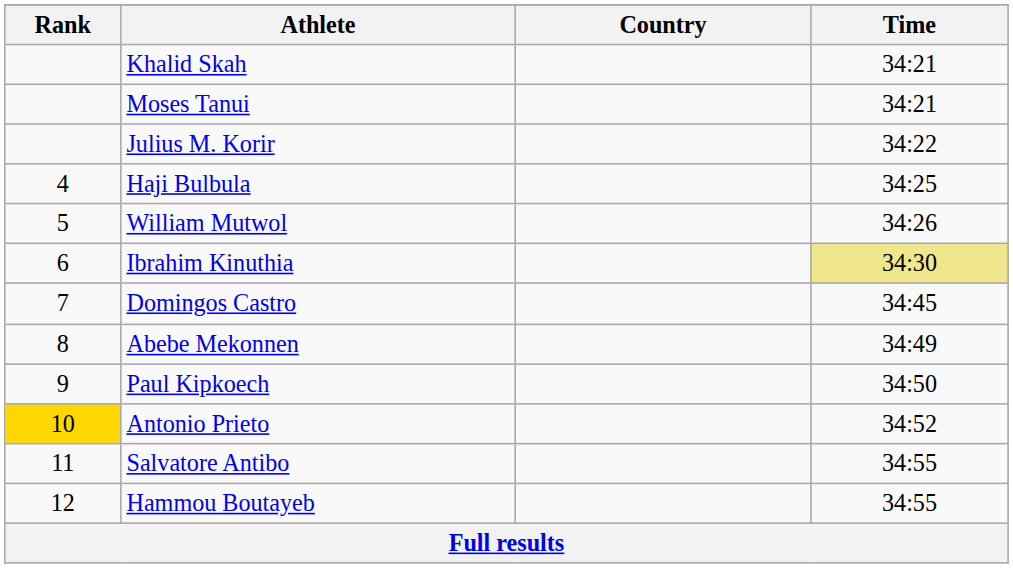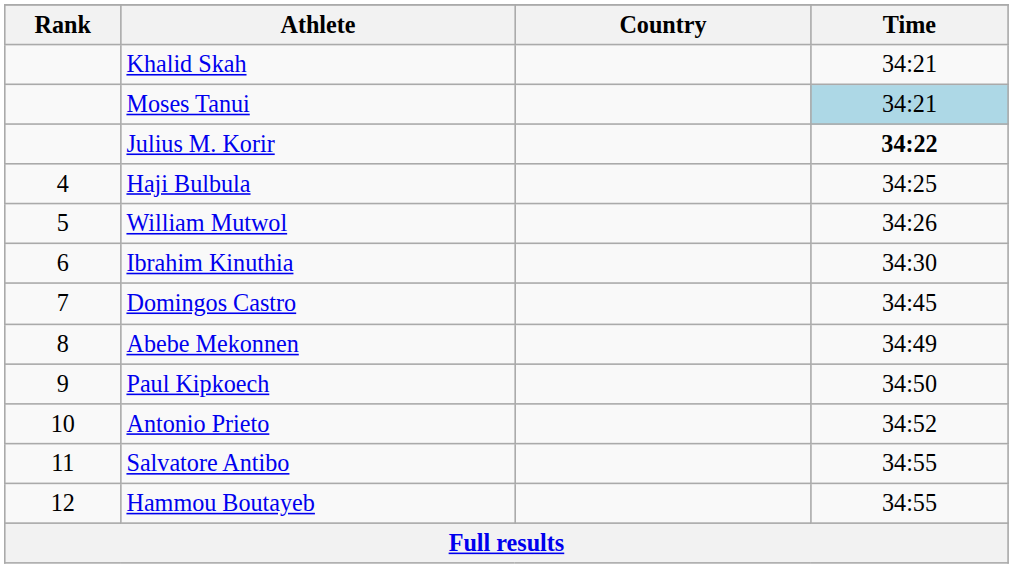 <table class="wikitable sortable" style=" text-align:center; font-size:95%;" width="50%">
 <tr>
 </tr>
 <tr>
 <th width=5%>Rank</th>
 <th width=20%>Athlete</th>
 <th width=15%>Country</th>
 <th width=10%>Time</th>
 </tr>
 <tr>
 <td align=center></td>
 <td align=left><a href='#'>Khalid Skah</a></td>
 <td align=left></td>
 <td>34:21</td>
 </tr>
 <tr>
 <td align=center></td>
 <td align=left><a href='#'>Moses Tanui</a></td>
 <td align=left></td>
-<td>34:21</td>
+<td style="background: lightblue;">34:21</td>
 </tr>
 <tr>
 <td align=center></td>
 <td align=left><a href='#'>Julius M. Korir</a></td>
 <td align=left></td>
-<td>34:22</td>
+<td><strong>34:22</strong></td>
 </tr>
 <tr>
 <td align=center>4</td>
 <td align=left><a href='#'>Haji Bulbula</a></td>
 <td align=left></td>
 <td>34:25</td>
 </tr>
 <tr>
 <td align=center>5</td>
 <td align=left><a href='#'>William Mutwol</a></td>
 <td align=left></td>
 <td>34:26</td>
 </tr>
 <tr>
 <td align=center>6</td>
 <td align=left><a href='#'>Ibrahim Kinuthia</a></td>
 <td align=left></td>
-<td style="background: khaki;">34:30</td>
+<td>34:30</td>
 </tr>
 <tr>
 <td align=center>7</td>
 <td align=left><a href='#'>Domingos Castro</a></td>
 <td align=left></td>
 <td>34:45</td>
 </tr>
 <tr>
 <td align=center>8</td>
 <td align=left><a href='#'>Abebe Mekonnen</a></td>
 <td align=left></td>
 <td>34:49</td>
 </tr>
 <tr>
 <td align=center>9</td>
 <td align=left><a href='#'>Paul Kipkoech</a></td>
 <td align=left></td>
 <td>34:50</td>
 </tr>
 <tr>
-<td align=center style="background: gold;">10</td>
+<td align=center>10</td>
 <td align=left><a href='#'>Antonio Prieto</a></td>
 <td align=left></td>
 <td>34:52</td>
 </tr>
 <tr>
 <td align=center>11</td>
 <td align=left><a href='#'>Salvatore Antibo</a></td>
 <td align=left></td>
 <td>34:55</td>
 </tr>
 <tr>
 <td align=center>12</td>
 <td align=left><a href='#'>Hammou Boutayeb</a></td>
 <td align=left></td>
 <td>34:55</td>
 </tr>
 <tr class="sortbottom">
 <th colspan=4 align=center><a href='#'>Full results</a></th>
 </tr>
 </table>
